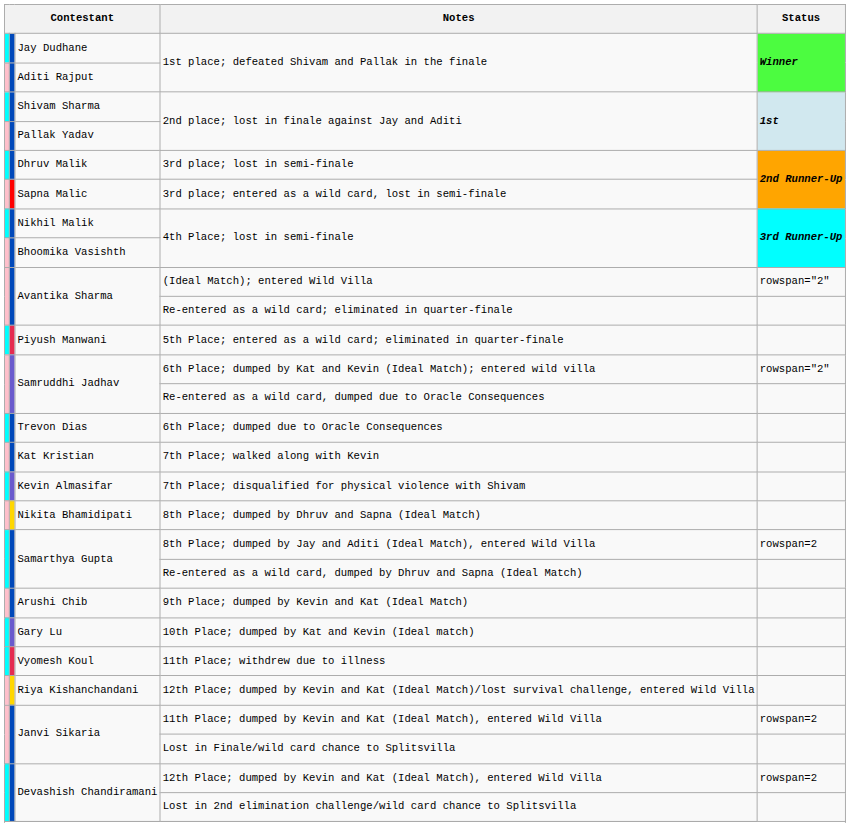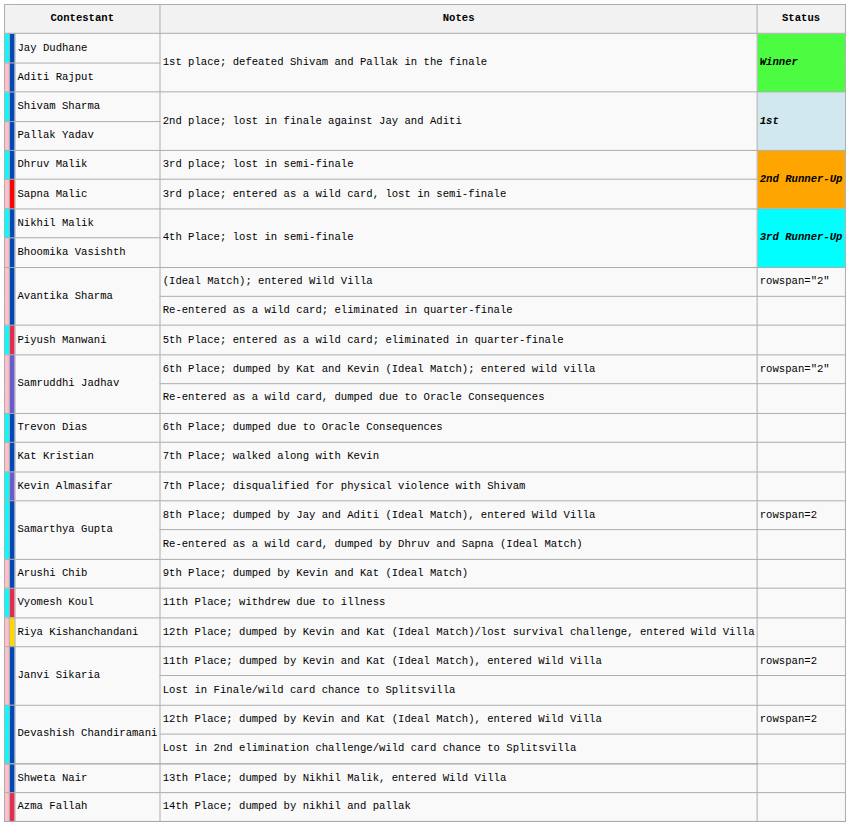 <table class="wikitable sortable" style=" font-size:85%;  line-height:25px; width:auto;">
 <tr>
 <th colspan="3">Contestant</th>
 <th scope="col">Notes</th>
 <th scope="col">Status</th>
 </tr>
 <tr>
 <th style="background:#00FFFF;"></th>
 <th style="background:#0048BA;"></th>
 <td>Jay Dudhane</td>
 <td rowspan="2">1st place; defeated Shivam and Pallak in the finale</td>
 <td rowspan="2" style="background:#4CFC40;" !><strong><em>Winner</em></strong></td>
 </tr>
 <tr>
 <th style="background:#FFC0CB;"></th>
 <th style="background:#0048BA;"></th>
 <td>Aditi Rajput</td>
 </tr>
 <tr>
 <th style="background:#00FFFF;"></th>
 <th style="background:#0048BA;"></th>
 <td>Shivam Sharma</td>
 <td rowspan="2">2nd place; lost in finale against Jay and Aditi</td>
 <td rowspan="2" style="background:#D1E8EF;" !><strong><em>1st </em></strong></td>
 </tr>
 <tr>
 <th style="background:#FFC0CB;"></th>
 <th style="background:#0048BA;"></th>
 <td>Pallak Yadav</td>
 </tr>
 <tr>
 <th style="background:#00FFFF;"></th>
 <th style="background:#0048BA;"></th>
 <td>Dhruv Malik</td>
 <td>3rd place; lost in semi-finale</td>
 <td Rowspan=2 style="background:orange;" !><strong><em>2nd Runner-Up</em></strong></td>
 </tr>
 <tr>
 <th style="background:#FFC0CB;"></th>
 <th style="background:red;"></th>
 <td>Sapna Malic</td>
 <td>3rd place; entered as a wild card, lost in semi-finale</td>
 </tr>
 <tr>
 <th style="background:#00FFFF;"></th>
 <th style="background:#0048BA;"></th>
 <td>Nikhil Malik</td>
 <td rowspan="2">4th Place; lost in semi-finale</td>
 <td rowspan="2" style="background:aqua;" !><strong><em>3rd Runner-Up</em></strong></td>
 </tr>
 <tr>
 <th style="background:#FFC0CB;"></th>
 <th style="background:#0048BA;"></th>
 <td>Bhoomika Vasishth</td>
 </tr>
 <tr>
 <td rowspan="2" style="background:#FFC0CB;" !></td>
 <td rowspan="2" style="background:#0048BA;" !></td>
 <td rowspan="2">Avantika Sharma</td>
 <td> (Ideal Match); entered Wild Villa</td>
 <td>rowspan="2" </td>
 </tr>
 <tr>
 <td>Re-entered as a wild card; eliminated in quarter-finale</td>
 </tr>
 <tr>
 <th style="background:#00FFFF;"></th>
 <th style="background:#E52B50;"></th>
 <td>Piyush Manwani</td>
 <td>5th Place; entered as a wild card; eliminated in quarter-finale</td>
 <td></td>
 </tr>
 <tr>
 <td rowspan="2" style="background:#FFC0CB;" !></td>
 <td rowspan="2" style= "background:slateblue;"></td>
 <td rowspan="2">Samruddhi Jadhav</td>
 <td>6th Place; dumped by Kat and Kevin (Ideal Match); entered wild villa</td>
 <td>rowspan="2" </td>
 </tr>
 <tr>
 <td>Re-entered as a wild card, dumped due to Oracle Consequences</td>
 </tr>
 <tr>
 <th style="background:#00FFFF;"></th>
 <th style="background:#0048BA;"></th>
 <td>Trevon Dias</td>
 <td>6th Place; dumped due to Oracle Consequences</td>
 <td></td>
 </tr>
 <tr>
 <th style="background:#FFC0CB;"></th>
 <th style="background:#0048BA;"></th>
 <td>Kat Kristian</td>
 <td>7th Place; walked along with Kevin</td>
 <td></td>
 </tr>
 <tr>
 <th style="background:#00FFFF;"></th>
 <th style="background:slateblue;"></th>
 <td>Kevin Almasifar</td>
 <td>7th Place; disqualified for physical violence with Shivam</td>
 <td></td>
 </tr>
 <tr>
-<th style="background:#FFC0CB;"></th>
-<th style="background:gold;"></th>
-<td>Nikita Bhamidipati</td>
-<td>8th Place; dumped by Dhruv and Sapna (Ideal Match)</td>
-<td></td>
-</tr>
-<tr>
 <td rowspan="2" style="background:#00FFFF;" !></td>
 <td rowspan="2" style="background:#0048BA;" !></td>
 <td rowspan="2">Samarthya Gupta</td>
 <td>8th Place; dumped by Jay and Aditi (Ideal Match), entered Wild Villa</td>
 <td>rowspan=2 </td>
 </tr>
 <tr>
 <td>Re-entered as a wild card, dumped by Dhruv and Sapna (Ideal Match)</td>
 </tr>
 <tr>
 <th style="background:#FFC0CB;"></th>
 <th style="background:#0048BA;"></th>
 <td>Arushi Chib</td>
 <td>9th Place; dumped by Kevin and Kat (Ideal Match)</td>
-<td></td>
-</tr>
-<tr>
-<th style="background:#00FFFF;"></th>
-<th style="background:slateblue"></th>
-<td>Gary Lu</td>
-<td>10th Place; dumped by Kat and Kevin (Ideal match)</td>
 <td></td>
 </tr>
 <tr>
 <th style="background:#00FFFF;"></th>
 <th style="background:#E52B50;"></th>
 <td>Vyomesh Koul</td>
 <td>11th Place; withdrew due to illness</td>
 <td></td>
 </tr>
 <tr>
 <th style="background:#FFC0CB;"></th>
 <th style="background:gold;"></th>
 <td>Riya Kishanchandani</td>
 <td>12th Place; dumped by Kevin and Kat (Ideal Match)/lost survival challenge, entered Wild Villa</td>
 <td></td>
 </tr>
 <tr>
 <td rowspan="2" style="background:#FFC0CB;" !></td>
 <td rowspan="2" style="background:#0048BA;" !></td>
 <td rowspan="2">Janvi Sikaria</td>
 <td>11th Place; dumped by Kevin and Kat (Ideal Match), entered Wild Villa</td>
 <td>rowspan=2 </td>
 </tr>
 <tr>
 <td>Lost in Finale/wild card chance to Splitsvilla</td>
 </tr>
 <tr>
 <td rowspan="2" style="background:#00FFFF;" !></td>
 <td rowspan="2" style="background:#0048BA;" !></td>
 <td rowspan="2">Devashish Chandiramani</td>
 <td>12th Place; dumped by Kevin and Kat (Ideal Match), entered Wild Villa</td>
 <td>rowspan=2 </td>
 </tr>
 <tr>
 <td>Lost in 2nd elimination challenge/wild card chance to Splitsvilla</td>
 </tr>
 <tr>
 </tr>
 <tr>
+<th style="background:#FFC0CB;"></th>
+<th style="background:#0048BA;" !></th>
+<td>Shweta Nair</td>
+<td>13th Place; dumped by Nikhil Malik, entered Wild Villa</td>
+<td></td>
+</tr>
+<tr>
+<th style="background:#FFC0CB;"></th>
+<th style="background:#E52B50;"></th>
+<td>Azma Fallah</td>
+<td>14th Place; dumped by nikhil and pallak</td>
+<td></td>
+</tr>
+<tr>
 </tr>
 </table>
